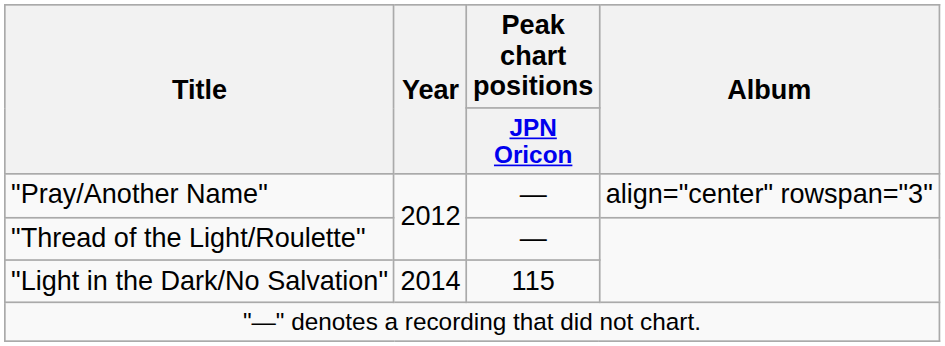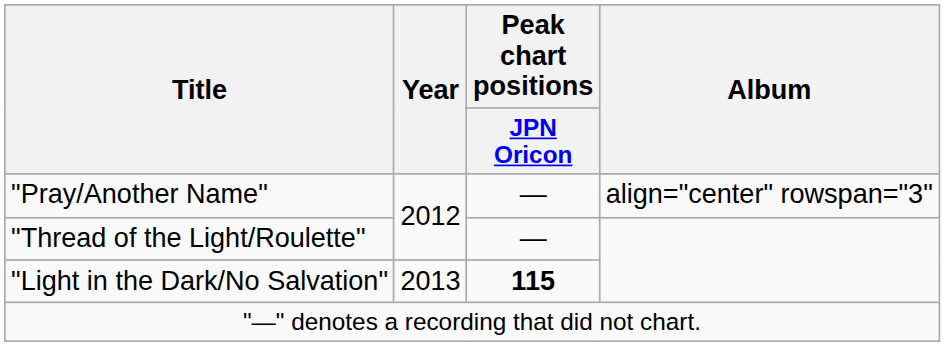 <table class="wikitable plainrowheaders">
 <tr>
 <th scope="col" rowspan="2">Title</th>
 <th scope="col" rowspan="2">Year</th>
 <th scope="col">Peak chart positions</th>
 <th scope="col" rowspan="2">Album</th>
 </tr>
 <tr>
 <th scope="col" style="width:4em;font-size:90%"><a href='#'>JPN<br>Oricon</a><br></th>
 </tr>
 <tr>
 <td>"Pray/Another Name"</td>
 <td align="center" rowspan="2">2012</td>
 <td align="center">—</td>
 <td>align="center" rowspan="3" </td>
 </tr>
 <tr>
 <td>"Thread of the Light/Roulette"</td>
 <td align="center">—</td>
 </tr>
 <tr>
 <td>"Light in the Dark/No Salvation"</td>
-<td align="center">2014</td>
-<td align="center">115</td>
+<td align="center">2013</td>
+<td align="center"><strong>115</strong></td>
 </tr>
 <tr>
 <td align="center" colspan="4" style="font-size:90%">"—" denotes a recording that did not chart.</td>
 </tr>
 </table>
